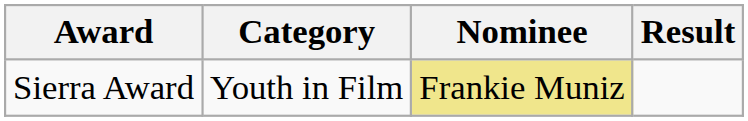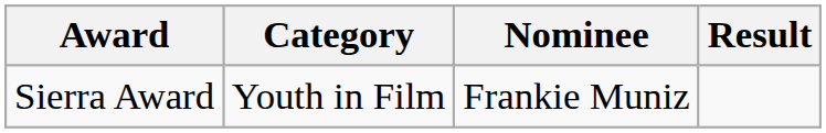 <table class="wikitable sortable">
 <tr>
 <th>Award</th>
 <th>Category</th>
 <th>Nominee</th>
 <th>Result</th>
 </tr>
 <tr>
 <td rowspan="2">Sierra Award</td>
 <td>Youth in Film</td>
-<td style="background: khaki;">Frankie Muniz</td>
+<td>Frankie Muniz</td>
 <td></td>
 </tr>
 </table>
